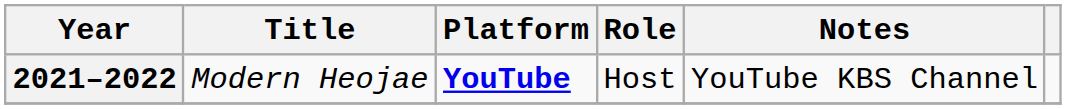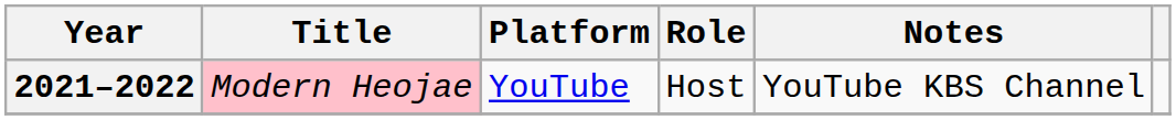 <table class="wikitable sortable plainrowheaders">
 <tr>
 <th scope="col">Year</th>
 <th scope="col">Title</th>
 <th scope="col">Platform</th>
 <th scope="col">Role</th>
 <th scope="col">Notes</th>
 <th scope="col" class="unsortable"></th>
 </tr>
 <tr>
 <th scope="row">2021–2022</th>
-<td><em>Modern Heojae</em></td>
-<td><strong><a href='#'>YouTube</a></strong></td>
+<td style="background: pink;"><em>Modern Heojae</em></td>
+<td><a href='#'>YouTube</a></td>
 <td>Host</td>
 <td>YouTube KBS Channel</td>
 <td></td>
 </tr>
 <tr>
 </tr>
 </table>
